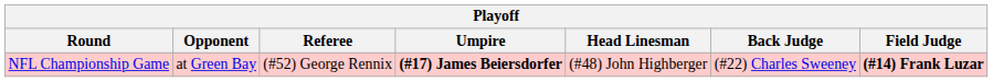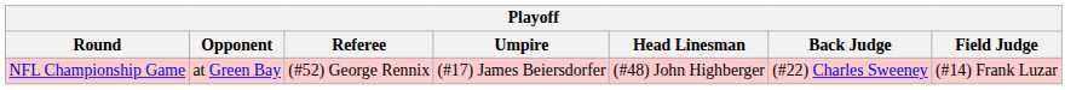 <table class="wikitable" style="text-align:center">
 <tr>
 <th colspan="7">Playoff</th>
 </tr>
 <tr>
 <th>Round</th>
 <th>Opponent</th>
 <th>Referee</th>
 <th>Umpire</th>
 <th>Head Linesman</th>
 <th>Back Judge</th>
 <th>Field Judge</th>
 </tr>
 <tr style="background:#fcc">
 <td><a href='#'>NFL Championship Game</a></td>
 <td>at <a href='#'>Green Bay</a></td>
 <td>(#52) George Rennix</td>
-<td><strong>(#17) James Beiersdorfer</strong></td>
+<td>(#17) James Beiersdorfer</td>
 <td>(#48) John Highberger</td>
 <td>(#22) <a href='#'>Charles Sweeney</a></td>
-<td><strong>(#14) Frank Luzar</strong></td>
+<td>(#14) Frank Luzar</td>
 </tr>
 </table>
